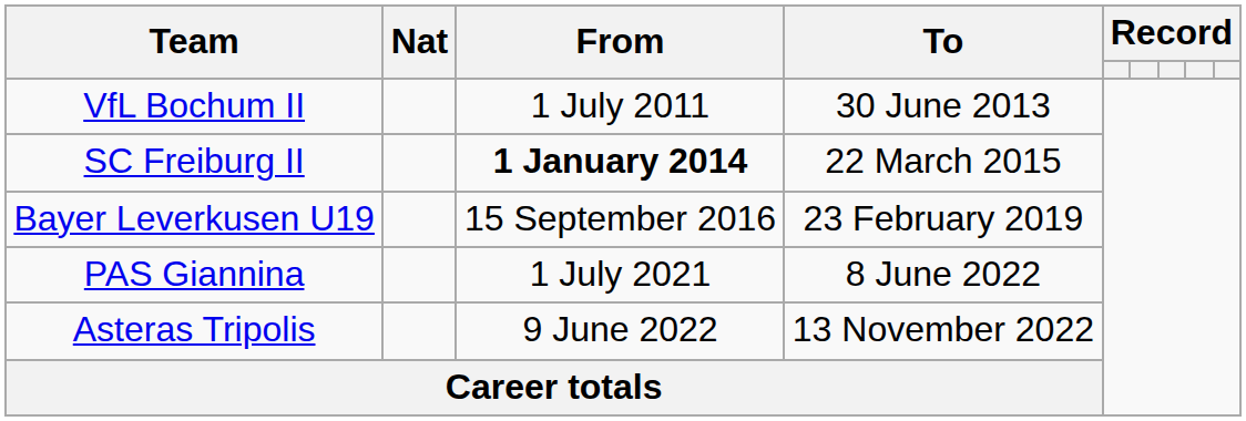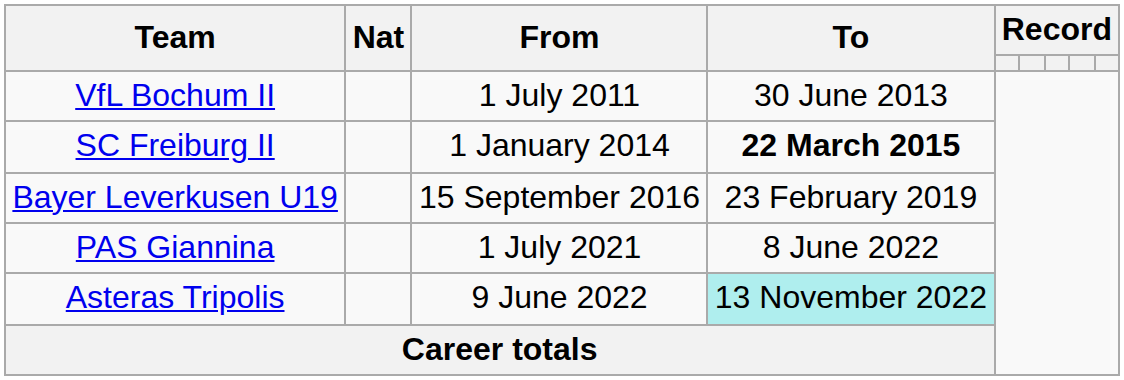 <table class="wikitable" style="text-align: center">
 <tr>
 <th rowspan=2>Team</th>
 <th rowspan=2>Nat</th>
 <th rowspan=2>From</th>
 <th rowspan=2>To</th>
 <th colspan=8>Record</th>
 </tr>
 <tr>
 <th></th>
 <th></th>
 <th></th>
 <th></th>
 <th></th>
 </tr>
 <tr>
 <td><a href='#'>VfL Bochum II</a></td>
 <td></td>
 <td>1 July 2011</td>
 <td>30 June 2013<br></td>
 </tr>
 <tr>
 <td><a href='#'>SC Freiburg II</a></td>
 <td></td>
-<td><strong>1 January 2014</strong></td>
-<td>22 March 2015<br></td>
+<td>1 January 2014</td>
+<td><strong>22 March 2015<br></strong></td>
 </tr>
 <tr>
 <td><a href='#'>Bayer Leverkusen U19</a></td>
 <td></td>
 <td>15 September 2016</td>
 <td>23 February 2019<br></td>
 </tr>
 <tr>
 <td><a href='#'>PAS Giannina</a></td>
 <td></td>
 <td>1 July 2021</td>
 <td>8 June 2022<br></td>
 </tr>
 <tr>
 <td><a href='#'>Asteras Tripolis</a></td>
 <td></td>
 <td>9 June 2022</td>
-<td>13 November 2022<br></td>
+<td style="background: paleturquoise;">13 November 2022<br></td>
 </tr>
 <tr>
 <th colspan=4>Career totals<br></th>
 </tr>
 </table>
